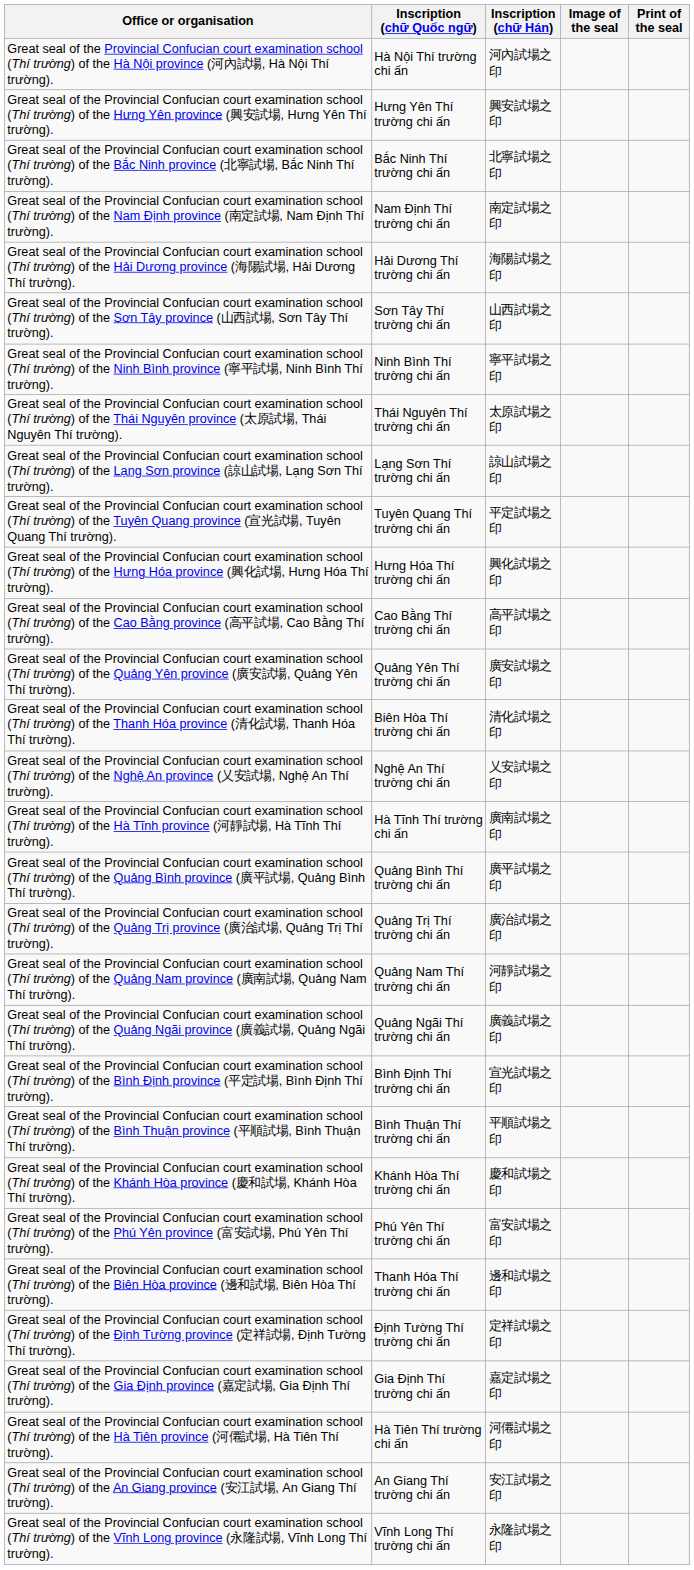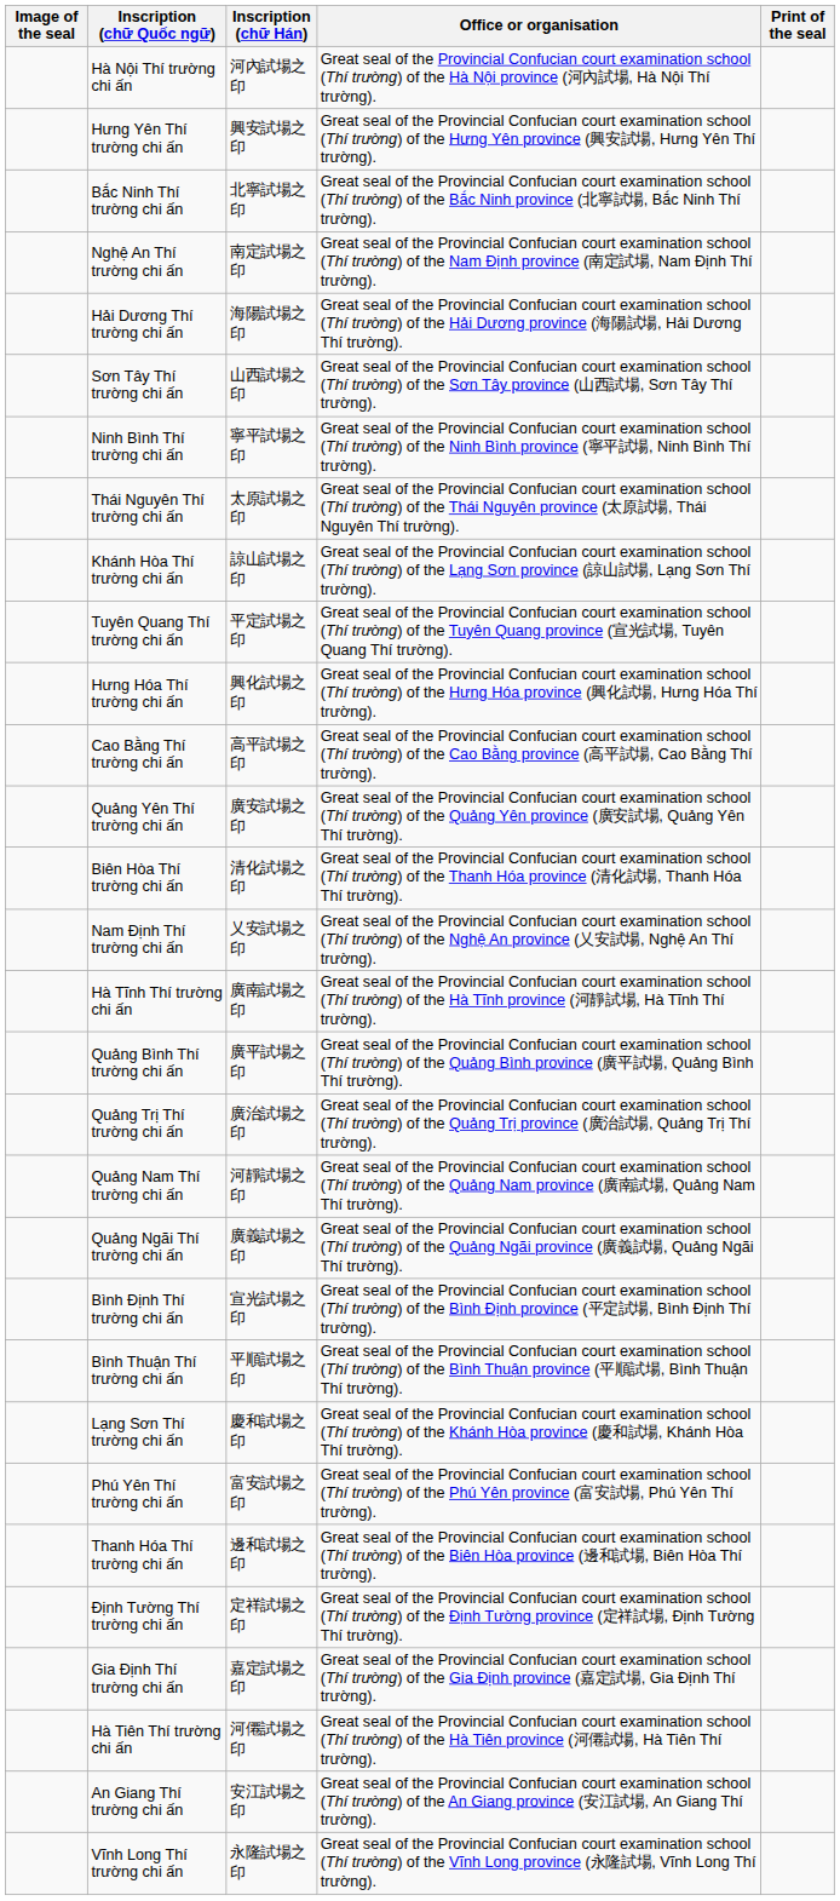 <table class="wikitable">
 <tr>
-<th>Office or organisation</th>
+<th>Image of the seal</th>
 <th>Inscription<br>(<a href='#'>chữ Quốc ngữ</a>)</th>
 <th>Inscription<br>(<a href='#'>chữ Hán</a>)</th>
-<th>Image of the seal</th>
+<th>Office or organisation</th>
 <th>Print of the seal</th>
 </tr>
 <tr>
-<td>Great seal of the <a href='#'>Provincial Confucian court examination school</a> (<em>Thí trường</em>) of the <a href='#'>Hà Nội province</a> (河內試場, Hà Nội Thí trường).</td>
+<td></td>
 <td>Hà Nội Thí trường chi ấn</td>
 <td>河內試場之印</td>
-<td></td>
+<td>Great seal of the <a href='#'>Provincial Confucian court examination school</a> (<em>Thí trường</em>) of the <a href='#'>Hà Nội province</a> (河內試場, Hà Nội Thí trường).</td>
 <td></td>
 </tr>
 <tr>
-<td>Great seal of the Provincial Confucian court examination school (<em>Thí trường</em>) of the <a href='#'>Hưng Yên province</a> (興安試場, Hưng Yên Thí trường).</td>
+<td></td>
 <td>Hưng Yên Thí trường chi ấn</td>
 <td>興安試場之印</td>
-<td></td>
+<td>Great seal of the Provincial Confucian court examination school (<em>Thí trường</em>) of the <a href='#'>Hưng Yên province</a> (興安試場, Hưng Yên Thí trường).</td>
 <td></td>
 </tr>
 <tr>
-<td>Great seal of the Provincial Confucian court examination school (<em>Thí trường</em>) of the <a href='#'>Bắc Ninh province</a> (北寧試場, Bắc Ninh Thí trường).</td>
+<td></td>
 <td>Bắc Ninh Thí trường chi ấn</td>
 <td>北寧試場之印</td>
-<td></td>
+<td>Great seal of the Provincial Confucian court examination school (<em>Thí trường</em>) of the <a href='#'>Bắc Ninh province</a> (北寧試場, Bắc Ninh Thí trường).</td>
 <td></td>
 </tr>
 <tr>
+<td></td>
+<td>Nghệ An Thí trường chi ấn</td>
+<td>南定試場之印</td>
 <td>Great seal of the Provincial Confucian court examination school (<em>Thí trường</em>) of the <a href='#'>Nam Định province</a> (南定試場, Nam Định Thí trường).</td>
-<td>Nam Định Thí trường chi ấn</td>
-<td>南定試場之印</td>
-<td></td>
 <td></td>
 </tr>
 <tr>
-<td>Great seal of the Provincial Confucian court examination school (<em>Thí trường</em>) of the <a href='#'>Hải Dương province</a> (海陽試場, Hải Dương Thí trường).</td>
+<td></td>
 <td>Hải Dương Thí trường chi ấn</td>
 <td>海陽試場之印</td>
-<td></td>
+<td>Great seal of the Provincial Confucian court examination school (<em>Thí trường</em>) of the <a href='#'>Hải Dương province</a> (海陽試場, Hải Dương Thí trường).</td>
 <td></td>
 </tr>
 <tr>
-<td>Great seal of the Provincial Confucian court examination school (<em>Thí trường</em>) of the <a href='#'>Sơn Tây province</a> (山西試場, Sơn Tây Thí trường).</td>
+<td></td>
 <td>Sơn Tây Thí trường chi ấn</td>
 <td>山西試場之印</td>
-<td></td>
+<td>Great seal of the Provincial Confucian court examination school (<em>Thí trường</em>) of the <a href='#'>Sơn Tây province</a> (山西試場, Sơn Tây Thí trường).</td>
 <td></td>
 </tr>
 <tr>
-<td>Great seal of the Provincial Confucian court examination school (<em>Thí trường</em>) of the <a href='#'>Ninh Bình province</a> (寧平試場, Ninh Bình Thí trường).</td>
+<td></td>
 <td>Ninh Bình Thí trường chi ấn</td>
 <td>寧平試場之印</td>
-<td></td>
+<td>Great seal of the Provincial Confucian court examination school (<em>Thí trường</em>) of the <a href='#'>Ninh Bình province</a> (寧平試場, Ninh Bình Thí trường).</td>
 <td></td>
 </tr>
 <tr>
-<td>Great seal of the Provincial Confucian court examination school (<em>Thí trường</em>) of the <a href='#'>Thái Nguyên province</a> (太原試場, Thái Nguyên Thí trường).</td>
+<td></td>
 <td>Thái Nguyên Thí trường chi ấn</td>
 <td>太原試場之印</td>
-<td></td>
+<td>Great seal of the Provincial Confucian court examination school (<em>Thí trường</em>) of the <a href='#'>Thái Nguyên province</a> (太原試場, Thái Nguyên Thí trường).</td>
 <td></td>
 </tr>
 <tr>
+<td></td>
+<td>Khánh Hòa Thí trường chi ấn</td>
+<td>諒山試場之印</td>
 <td>Great seal of the Provincial Confucian court examination school (<em>Thí trường</em>) of the <a href='#'>Lạng Sơn province</a> (諒山試場, Lạng Sơn Thí trường).</td>
-<td>Lạng Sơn Thí trường chi ấn</td>
-<td>諒山試場之印</td>
-<td></td>
 <td></td>
 </tr>
 <tr>
-<td>Great seal of the Provincial Confucian court examination school (<em>Thí trường</em>) of the <a href='#'>Tuyên Quang province</a> (宣光試場, Tuyên Quang Thí trường).</td>
+<td></td>
 <td>Tuyên Quang Thí trường chi ấn</td>
 <td>平定試場之印</td>
-<td></td>
+<td>Great seal of the Provincial Confucian court examination school (<em>Thí trường</em>) of the <a href='#'>Tuyên Quang province</a> (宣光試場, Tuyên Quang Thí trường).</td>
 <td></td>
 </tr>
 <tr>
-<td>Great seal of the Provincial Confucian court examination school (<em>Thí trường</em>) of the <a href='#'>Hưng Hóa province</a> (興化試場, Hưng Hóa Thí trường).</td>
+<td></td>
 <td>Hưng Hóa Thí trường chi ấn</td>
 <td>興化試場之印</td>
-<td></td>
+<td>Great seal of the Provincial Confucian court examination school (<em>Thí trường</em>) of the <a href='#'>Hưng Hóa province</a> (興化試場, Hưng Hóa Thí trường).</td>
 <td></td>
 </tr>
 <tr>
-<td>Great seal of the Provincial Confucian court examination school (<em>Thí trường</em>) of the <a href='#'>Cao Bằng province</a> (高平試場, Cao Bằng Thí trường).</td>
+<td></td>
 <td>Cao Bằng Thí trường chi ấn</td>
 <td>高平試場之印</td>
-<td></td>
+<td>Great seal of the Provincial Confucian court examination school (<em>Thí trường</em>) of the <a href='#'>Cao Bằng province</a> (高平試場, Cao Bằng Thí trường).</td>
 <td></td>
 </tr>
 <tr>
-<td>Great seal of the Provincial Confucian court examination school (<em>Thí trường</em>) of the <a href='#'>Quảng Yên province</a> (廣安試場, Quảng Yên Thí trường).</td>
+<td></td>
 <td>Quảng Yên Thí trường chi ấn</td>
 <td>廣安試場之印</td>
-<td></td>
+<td>Great seal of the Provincial Confucian court examination school (<em>Thí trường</em>) of the <a href='#'>Quảng Yên province</a> (廣安試場, Quảng Yên Thí trường).</td>
 <td></td>
 </tr>
 <tr>
-<td>Great seal of the Provincial Confucian court examination school (<em>Thí trường</em>) of the <a href='#'>Thanh Hóa province</a> (清化試場, Thanh Hóa Thí trường).</td>
+<td></td>
 <td>Biên Hòa Thí trường chi ấn</td>
 <td>清化試場之印</td>
-<td></td>
+<td>Great seal of the Provincial Confucian court examination school (<em>Thí trường</em>) of the <a href='#'>Thanh Hóa province</a> (清化試場, Thanh Hóa Thí trường).</td>
 <td></td>
 </tr>
 <tr>
+<td></td>
+<td>Nam Định Thí trường chi ấn</td>
+<td>乂安試場之印</td>
 <td>Great seal of the Provincial Confucian court examination school (<em>Thí trường</em>) of the <a href='#'>Nghệ An province</a> (乂安試場, Nghệ An Thí trường).</td>
-<td>Nghệ An Thí trường chi ấn</td>
-<td>乂安試場之印</td>
-<td></td>
 <td></td>
 </tr>
 <tr>
-<td>Great seal of the Provincial Confucian court examination school (<em>Thí trường</em>) of the <a href='#'>Hà Tĩnh province</a> (河靜試場, Hà Tĩnh Thí trường).</td>
+<td></td>
 <td>Hà Tĩnh Thí trường chi ấn</td>
 <td>廣南試場之印</td>
-<td></td>
+<td>Great seal of the Provincial Confucian court examination school (<em>Thí trường</em>) of the <a href='#'>Hà Tĩnh province</a> (河靜試場, Hà Tĩnh Thí trường).</td>
 <td></td>
 </tr>
 <tr>
-<td>Great seal of the Provincial Confucian court examination school (<em>Thí trường</em>) of the <a href='#'>Quảng Bình province</a> (廣平試場, Quảng Bình Thí trường).</td>
+<td></td>
 <td>Quảng Bình Thí trường chi ấn</td>
 <td>廣平試場之印</td>
-<td></td>
+<td>Great seal of the Provincial Confucian court examination school (<em>Thí trường</em>) of the <a href='#'>Quảng Bình province</a> (廣平試場, Quảng Bình Thí trường).</td>
 <td></td>
 </tr>
 <tr>
-<td>Great seal of the Provincial Confucian court examination school (<em>Thí trường</em>) of the <a href='#'>Quảng Trị province</a> (廣治試場, Quảng Trị Thí trường).</td>
+<td></td>
 <td>Quảng Trị Thí trường chi ấn</td>
 <td>廣治試場之印</td>
-<td></td>
+<td>Great seal of the Provincial Confucian court examination school (<em>Thí trường</em>) of the <a href='#'>Quảng Trị province</a> (廣治試場, Quảng Trị Thí trường).</td>
 <td></td>
 </tr>
 <tr>
-<td>Great seal of the Provincial Confucian court examination school (<em>Thí trường</em>) of the <a href='#'>Quảng Nam province</a> (廣南試場, Quảng Nam Thí trường).</td>
+<td></td>
 <td>Quảng Nam Thí trường chi ấn</td>
 <td>河靜試場之印</td>
-<td></td>
+<td>Great seal of the Provincial Confucian court examination school (<em>Thí trường</em>) of the <a href='#'>Quảng Nam province</a> (廣南試場, Quảng Nam Thí trường).</td>
 <td></td>
 </tr>
 <tr>
-<td>Great seal of the Provincial Confucian court examination school (<em>Thí trường</em>) of the <a href='#'>Quảng Ngãi province</a> (廣義試場, Quảng Ngãi Thí trường).</td>
+<td></td>
 <td>Quảng Ngãi Thí trường chi ấn</td>
 <td>廣義試場之印</td>
-<td></td>
+<td>Great seal of the Provincial Confucian court examination school (<em>Thí trường</em>) of the <a href='#'>Quảng Ngãi province</a> (廣義試場, Quảng Ngãi Thí trường).</td>
 <td></td>
 </tr>
 <tr>
-<td>Great seal of the Provincial Confucian court examination school (<em>Thí trường</em>) of the <a href='#'>Bình Định province</a> (平定試場, Bình Định Thí trường).</td>
+<td></td>
 <td>Bình Định Thí trường chi ấn</td>
 <td>宣光試場之印</td>
-<td></td>
+<td>Great seal of the Provincial Confucian court examination school (<em>Thí trường</em>) of the <a href='#'>Bình Định province</a> (平定試場, Bình Định Thí trường).</td>
 <td></td>
 </tr>
 <tr>
-<td>Great seal of the Provincial Confucian court examination school (<em>Thí trường</em>) of the <a href='#'>Bình Thuận province</a> (平順試場, Bình Thuận Thí trường).</td>
+<td></td>
 <td>Bình Thuận Thí trường chi ấn</td>
 <td>平順試場之印</td>
-<td></td>
+<td>Great seal of the Provincial Confucian court examination school (<em>Thí trường</em>) of the <a href='#'>Bình Thuận province</a> (平順試場, Bình Thuận Thí trường).</td>
 <td></td>
 </tr>
 <tr>
+<td></td>
+<td>Lạng Sơn Thí trường chi ấn</td>
+<td>慶和試場之印</td>
 <td>Great seal of the Provincial Confucian court examination school (<em>Thí trường</em>) of the <a href='#'>Khánh Hòa province</a> (慶和試場, Khánh Hòa Thí trường).</td>
-<td>Khánh Hòa Thí trường chi ấn</td>
-<td>慶和試場之印</td>
-<td></td>
 <td></td>
 </tr>
 <tr>
-<td>Great seal of the Provincial Confucian court examination school (<em>Thí trường</em>) of the <a href='#'>Phú Yên province</a> (富安試場, Phú Yên Thí trường).</td>
+<td></td>
 <td>Phú Yên Thí trường chi ấn</td>
 <td>富安試場之印</td>
-<td></td>
+<td>Great seal of the Provincial Confucian court examination school (<em>Thí trường</em>) of the <a href='#'>Phú Yên province</a> (富安試場, Phú Yên Thí trường).</td>
 <td></td>
 </tr>
 <tr>
-<td>Great seal of the Provincial Confucian court examination school (<em>Thí trường</em>) of the <a href='#'>Biên Hòa province</a> (邊和試場, Biên Hòa Thí trường).</td>
+<td></td>
 <td>Thanh Hóa Thí trường chi ấn</td>
 <td>邊和試場之印</td>
-<td></td>
+<td>Great seal of the Provincial Confucian court examination school (<em>Thí trường</em>) of the <a href='#'>Biên Hòa province</a> (邊和試場, Biên Hòa Thí trường).</td>
 <td></td>
 </tr>
 <tr>
-<td>Great seal of the Provincial Confucian court examination school (<em>Thí trường</em>) of the <a href='#'>Định Tường province</a> (定祥試場, Định Tường Thí trường).</td>
+<td></td>
 <td>Định Tường Thí trường chi ấn</td>
 <td>定祥試場之印</td>
-<td></td>
+<td>Great seal of the Provincial Confucian court examination school (<em>Thí trường</em>) of the <a href='#'>Định Tường province</a> (定祥試場, Định Tường Thí trường).</td>
 <td></td>
 </tr>
 <tr>
-<td>Great seal of the Provincial Confucian court examination school (<em>Thí trường</em>) of the <a href='#'>Gia Định province</a> (嘉定試場, Gia Định Thí trường).</td>
+<td></td>
 <td>Gia Định Thí trường chi ấn</td>
 <td>嘉定試場之印</td>
-<td></td>
+<td>Great seal of the Provincial Confucian court examination school (<em>Thí trường</em>) of the <a href='#'>Gia Định province</a> (嘉定試場, Gia Định Thí trường).</td>
 <td></td>
 </tr>
 <tr>
-<td>Great seal of the Provincial Confucian court examination school (<em>Thí trường</em>) of the <a href='#'>Hà Tiên province</a> (河僊試場, Hà Tiên Thí trường).</td>
+<td></td>
 <td>Hà Tiên Thí trường chi ấn</td>
 <td>河僊試場之印</td>
-<td></td>
+<td>Great seal of the Provincial Confucian court examination school (<em>Thí trường</em>) of the <a href='#'>Hà Tiên province</a> (河僊試場, Hà Tiên Thí trường).</td>
 <td></td>
 </tr>
 <tr>
-<td>Great seal of the Provincial Confucian court examination school (<em>Thí trường</em>) of the <a href='#'>An Giang province</a> (安江試場, An Giang Thí trường).</td>
+<td></td>
 <td>An Giang Thí trường chi ấn</td>
 <td>安江試場之印</td>
-<td></td>
+<td>Great seal of the Provincial Confucian court examination school (<em>Thí trường</em>) of the <a href='#'>An Giang province</a> (安江試場, An Giang Thí trường).</td>
 <td></td>
 </tr>
 <tr>
-<td>Great seal of the Provincial Confucian court examination school (<em>Thí trường</em>) of the <a href='#'>Vĩnh Long province</a> (永隆試場, Vĩnh Long Thí trường).</td>
+<td></td>
 <td>Vĩnh Long Thí trường chi ấn</td>
 <td>永隆試場之印</td>
-<td></td>
+<td>Great seal of the Provincial Confucian court examination school (<em>Thí trường</em>) of the <a href='#'>Vĩnh Long province</a> (永隆試場, Vĩnh Long Thí trường).</td>
 <td></td>
 </tr>
 </table>
